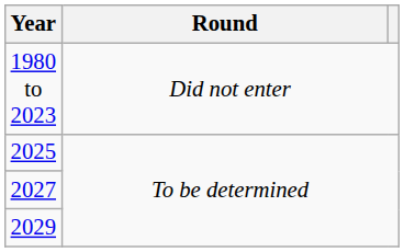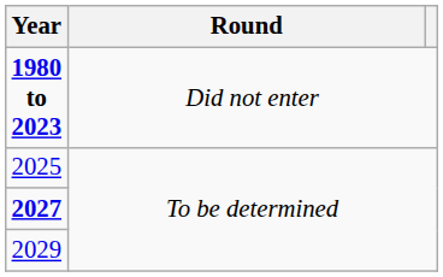 <table class="wikitable" style="text-align: center; font-size:90%">
 <tr>
 <th>Year</th>
 <th style="width:200px">Round</th>
 <th></th>
 </tr>
 <tr>
-<td><a href='#'>1980</a><br>to<br><a href='#'>2023</a></td>
+<td><strong><a href='#'>1980</a><br>to<br><a href='#'>2023</a></strong></td>
 <td colspan="2"><em>Did not enter</em></td>
 </tr>
 <tr>
 <td><a href='#'>2025</a></td>
 <td colspan="2" rowspan="3"><em>To be determined</em></td>
 </tr>
 <tr>
-<td><a href='#'>2027</a></td>
+<td><strong><a href='#'>2027</a></strong></td>
 </tr>
 <tr>
 <td><a href='#'>2029</a></td>
 </tr>
 </table>
